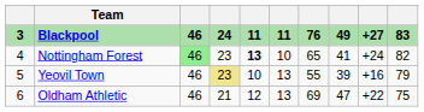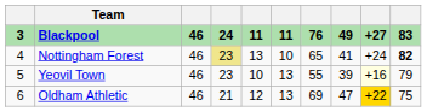 <table class="wikitable" style="text-align:center">
 <tr>
 <th width="30"></th>
 <th width="175">Team</th>
 <th width="30"></th>
 <th width="30"></th>
 <th width="30"></th>
 <th width="30"></th>
 <th width="30"></th>
 <th width="30"></th>
 <th width="30"></th>
 <th width="30"></th>
 </tr>
 <tr bgcolor=#ADDFAD>
 <td><strong>3</strong></td>
 <td align=left><strong><a href='#'>Blackpool</a></strong></td>
 <td><strong>46</strong></td>
 <td><strong>24</strong></td>
 <td><strong>11</strong></td>
 <td><strong>11</strong></td>
 <td><strong>76</strong></td>
 <td><strong>49</strong></td>
 <td><strong>+27</strong></td>
 <td><strong>83</strong></td>
 </tr>
 <tr>
 <td>4</td>
 <td align=left><a href='#'>Nottingham Forest</a></td>
-<td style="background: lightgreen;">46</td>
-<td>23</td>
-<td><strong>13</strong></td>
+<td>46</td>
+<td style="background: khaki;">23</td>
+<td>13</td>
 <td>10</td>
 <td>65</td>
 <td>41</td>
 <td>+24</td>
-<td>82</td>
+<td><strong>82</strong></td>
 </tr>
 <tr>
 <td>5</td>
 <td align=left><a href='#'>Yeovil Town</a></td>
 <td>46</td>
-<td style="background: khaki;">23</td>
+<td>23</td>
 <td>10</td>
 <td>13</td>
 <td>55</td>
 <td>39</td>
-<td>+16</td>
+<td style="background: lightyellow;">+16</td>
 <td>79</td>
 </tr>
 <tr>
 <td>6</td>
 <td align=left><a href='#'>Oldham Athletic</a></td>
 <td>46</td>
 <td>21</td>
 <td>12</td>
 <td>13</td>
 <td>69</td>
 <td>47</td>
-<td>+22</td>
+<td style="background: gold;">+22</td>
 <td>75</td>
 </tr>
 </table>
